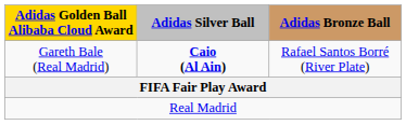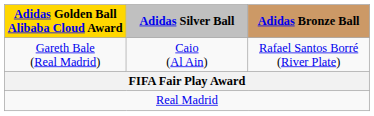 <table class="wikitable" style="text-align:center">
 <tr>
 <th style="background:gold; width:33%"><a href='#'>Adidas</a> Golden Ball<br><a href='#'>Alibaba Cloud</a> Award</th>
 <th style="background:silver; width:33%"><a href='#'>Adidas</a> Silver Ball</th>
 <th style="background:#CC9966; width:33%"><a href='#'>Adidas</a> Bronze Ball</th>
 </tr>
 <tr>
 <td> <a href='#'>Gareth Bale</a><br>(<a href='#'>Real Madrid</a>)</td>
-<td><strong> <a href='#'>Caio</a><br>(<a href='#'>Al Ain</a>)</strong></td>
+<td> <a href='#'>Caio</a><br>(<a href='#'>Al Ain</a>)</td>
 <td> <a href='#'>Rafael Santos Borré</a><br>(<a href='#'>River Plate</a>)</td>
 </tr>
 <tr>
 <th colspan="3">FIFA Fair Play Award</th>
 </tr>
 <tr>
 <td colspan="3"> <a href='#'>Real Madrid</a></td>
 </tr>
 </table>
